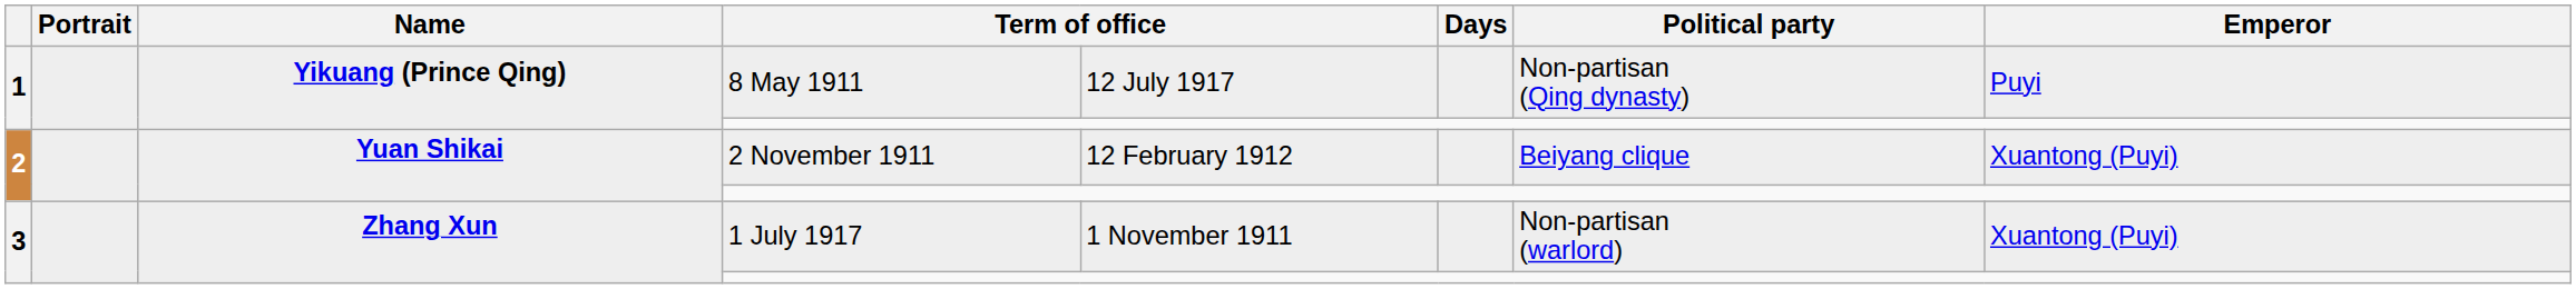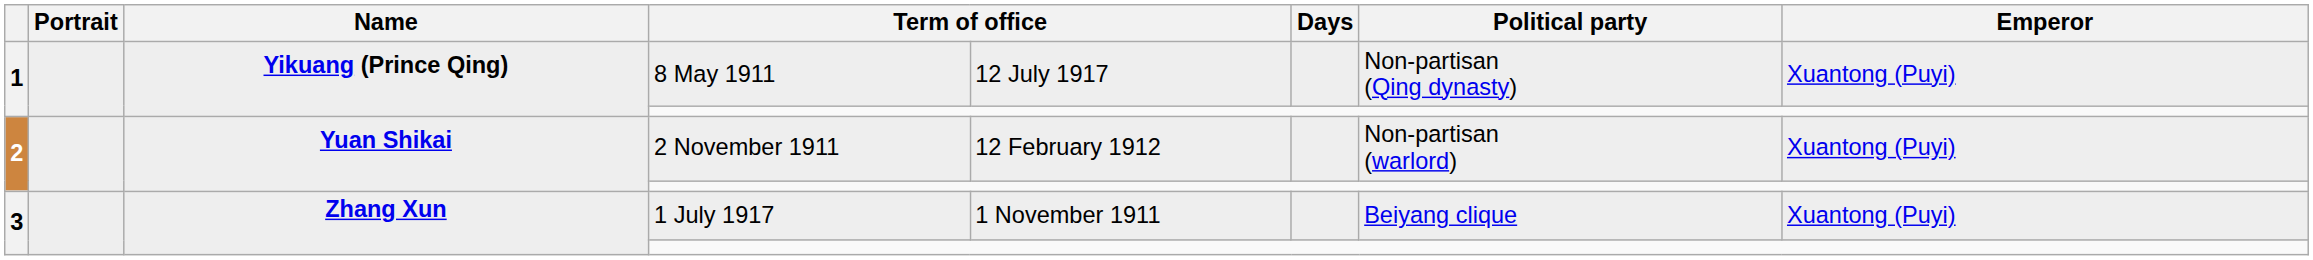 <table class="wikitable">
 <tr>
 <th></th>
 <th>Portrait</th>
 <th width=25%>Name<br></th>
 <th colspan=2 width=30%>Term of office</th>
 <th>Days</th>
 <th width=20%>Political party</th>
 <th width=35%>Emperor</th>
 </tr>
 <tr bgcolor=#EEEEEE>
 <th rowspan=2 style="background:">1</th>
 <td rowspan=2 align=center></td>
 <td rowspan=2 align=center><strong><a href='#'>Yikuang</a> (Prince Qing)</strong><br><br></td>
 <td>8 May 1911</td>
 <td>12 July 1917</td>
 <td></td>
 <td>Non-partisan<br>(<a href='#'>Qing dynasty</a>)<br></td>
-<td><a href='#'>Puyi</a></td>
+<td><a href='#'>Xuantong (Puyi)</a></td>
 </tr>
 <tr>
 <td colspan=5></td>
 </tr>
 <tr bgcolor=#EEEEEE>
 <th rowspan=2 style="background:#CD853F; color:white;">2</th>
 <td rowspan=2 align=center></td>
 <td rowspan=2 align=center><strong><a href='#'>Yuan Shikai</a></strong><br><br></td>
 <td>2 November 1911</td>
 <td>12 February 1912</td>
 <td></td>
-<td><a href='#'>Beiyang clique</a></td>
+<td>Non-partisan<br>(<a href='#'>warlord</a>)<br></td>
 <td><a href='#'>Xuantong (Puyi)</a></td>
 </tr>
 <tr>
 <td colspan=5></td>
 </tr>
 <tr bgcolor=#EEEEEE>
 <th rowspan=2 style="background:">3</th>
 <td rowspan=2 align=center></td>
 <td rowspan=2 align=center><strong><a href='#'>Zhang Xun</a></strong><br><br></td>
 <td>1 July 1917</td>
 <td>1 November 1911</td>
 <td></td>
-<td>Non-partisan<br>(<a href='#'>warlord</a>)<br></td>
+<td><a href='#'>Beiyang clique</a></td>
 <td><a href='#'>Xuantong (Puyi)</a></td>
 </tr>
 <tr>
 <td colspan=5></td>
 </tr>
 </table>
